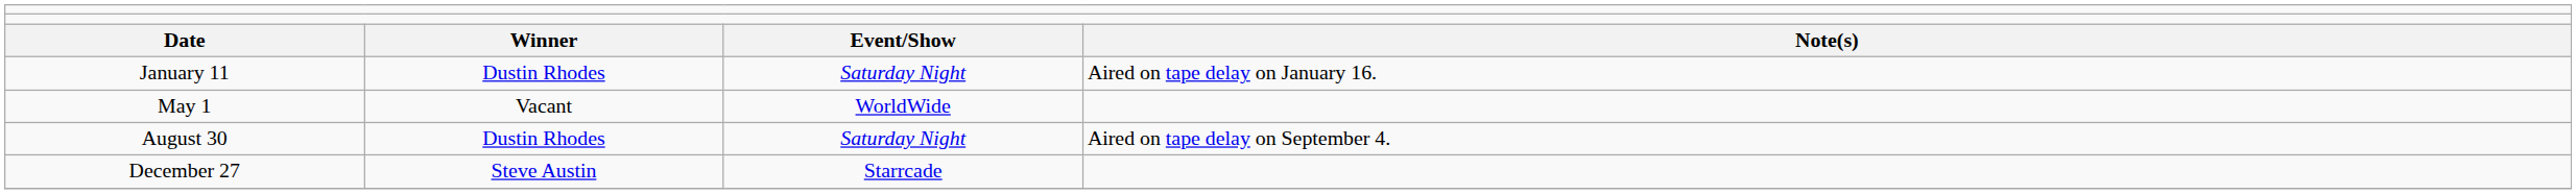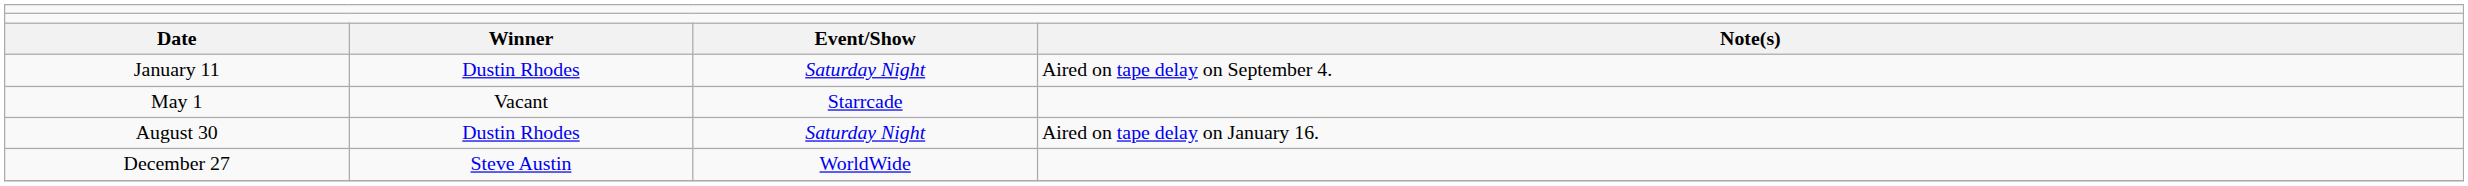 <table class="wikitable" style="text-align:center; width:100%;">
 <tr>
 <td colspan="5"></td>
 </tr>
 <tr>
 <td colspan="5"><strong></strong></td>
 </tr>
 <tr>
 <th width=14%>Date</th>
 <th width=14%>Winner</th>
 <th width=14%>Event/Show</th>
 <th width=58%>Note(s)</th>
 </tr>
 <tr>
 <td>January 11</td>
 <td><a href='#'>Dustin Rhodes</a></td>
 <td><em><a href='#'>Saturday Night</a></em></td>
-<td align=left>Aired on <a href='#'>tape delay</a> on January 16.</td>
+<td align=left>Aired on <a href='#'>tape delay</a> on September 4.</td>
 </tr>
 <tr>
 <td>May 1</td>
 <td>Vacant</td>
-<td><a href='#'>WorldWide</a></td>
+<td><a href='#'>Starrcade</a></td>
 <td align=left></td>
 </tr>
 <tr>
 <td>August 30</td>
 <td><a href='#'>Dustin Rhodes</a></td>
 <td><em><a href='#'>Saturday Night</a></em></td>
-<td align=left>Aired on <a href='#'>tape delay</a> on September 4.</td>
+<td align=left>Aired on <a href='#'>tape delay</a> on January 16.</td>
 </tr>
 <tr>
 <td>December 27</td>
 <td><a href='#'>Steve Austin</a></td>
-<td><a href='#'>Starrcade</a></td>
+<td><a href='#'>WorldWide</a></td>
 <td align=left></td>
 </tr>
 <tr>
 </tr>
 </table>
